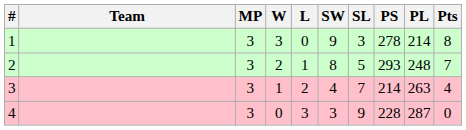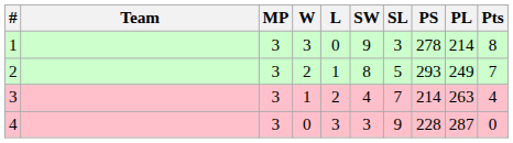 <table class=wikitable style="text-align:center">
 <tr>
 <th>#</th>
 <th width=220>Team</th>
 <th width=20>MP</th>
 <th width=20>W</th>
 <th width=20>L</th>
 <th width=20>SW</th>
 <th width=20>SL</th>
 <th width=20>PS</th>
 <th width=20>PL</th>
 <th width=20>Pts</th>
 </tr>
 <tr align="center" valign="top" style="background: #CCFFCC">
 <td>1</td>
 <td align=left></td>
 <td>3</td>
 <td>3</td>
 <td>0</td>
 <td>9</td>
 <td>3</td>
 <td>278</td>
 <td>214</td>
 <td>8</td>
 </tr>
 <tr align="center" valign="top" style="background: #CCFFCC">
 <td>2</td>
 <td align=left></td>
 <td>3</td>
 <td>2</td>
 <td>1</td>
 <td>8</td>
 <td>5</td>
 <td>293</td>
-<td>248</td>
+<td>249</td>
 <td>7</td>
 </tr>
 <tr align="center" valign="top" style="background: pink">
 <td>3</td>
 <td align=left></td>
 <td>3</td>
 <td>1</td>
 <td>2</td>
 <td>4</td>
 <td>7</td>
 <td>214</td>
 <td>263</td>
 <td>4</td>
 </tr>
 <tr align="center" valign="top" style="background: pink">
 <td>4</td>
 <td align=left></td>
 <td>3</td>
 <td>0</td>
 <td>3</td>
 <td>3</td>
 <td>9</td>
 <td>228</td>
 <td>287</td>
 <td>0</td>
 </tr>
 </table>
